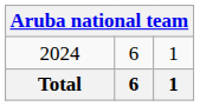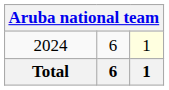 <table class="wikitable" style="text-align:center">
 <tr>
 <th colspan=3><a href='#'>Aruba national team</a></th>
 </tr>
 <tr>
 <td>2024</td>
 <td>6</td>
-<td>1</td>
+<td style="background: lightyellow;">1</td>
 </tr>
 <tr>
 <th>Total</th>
 <th>6</th>
 <th>1</th>
 </tr>
 </table>
